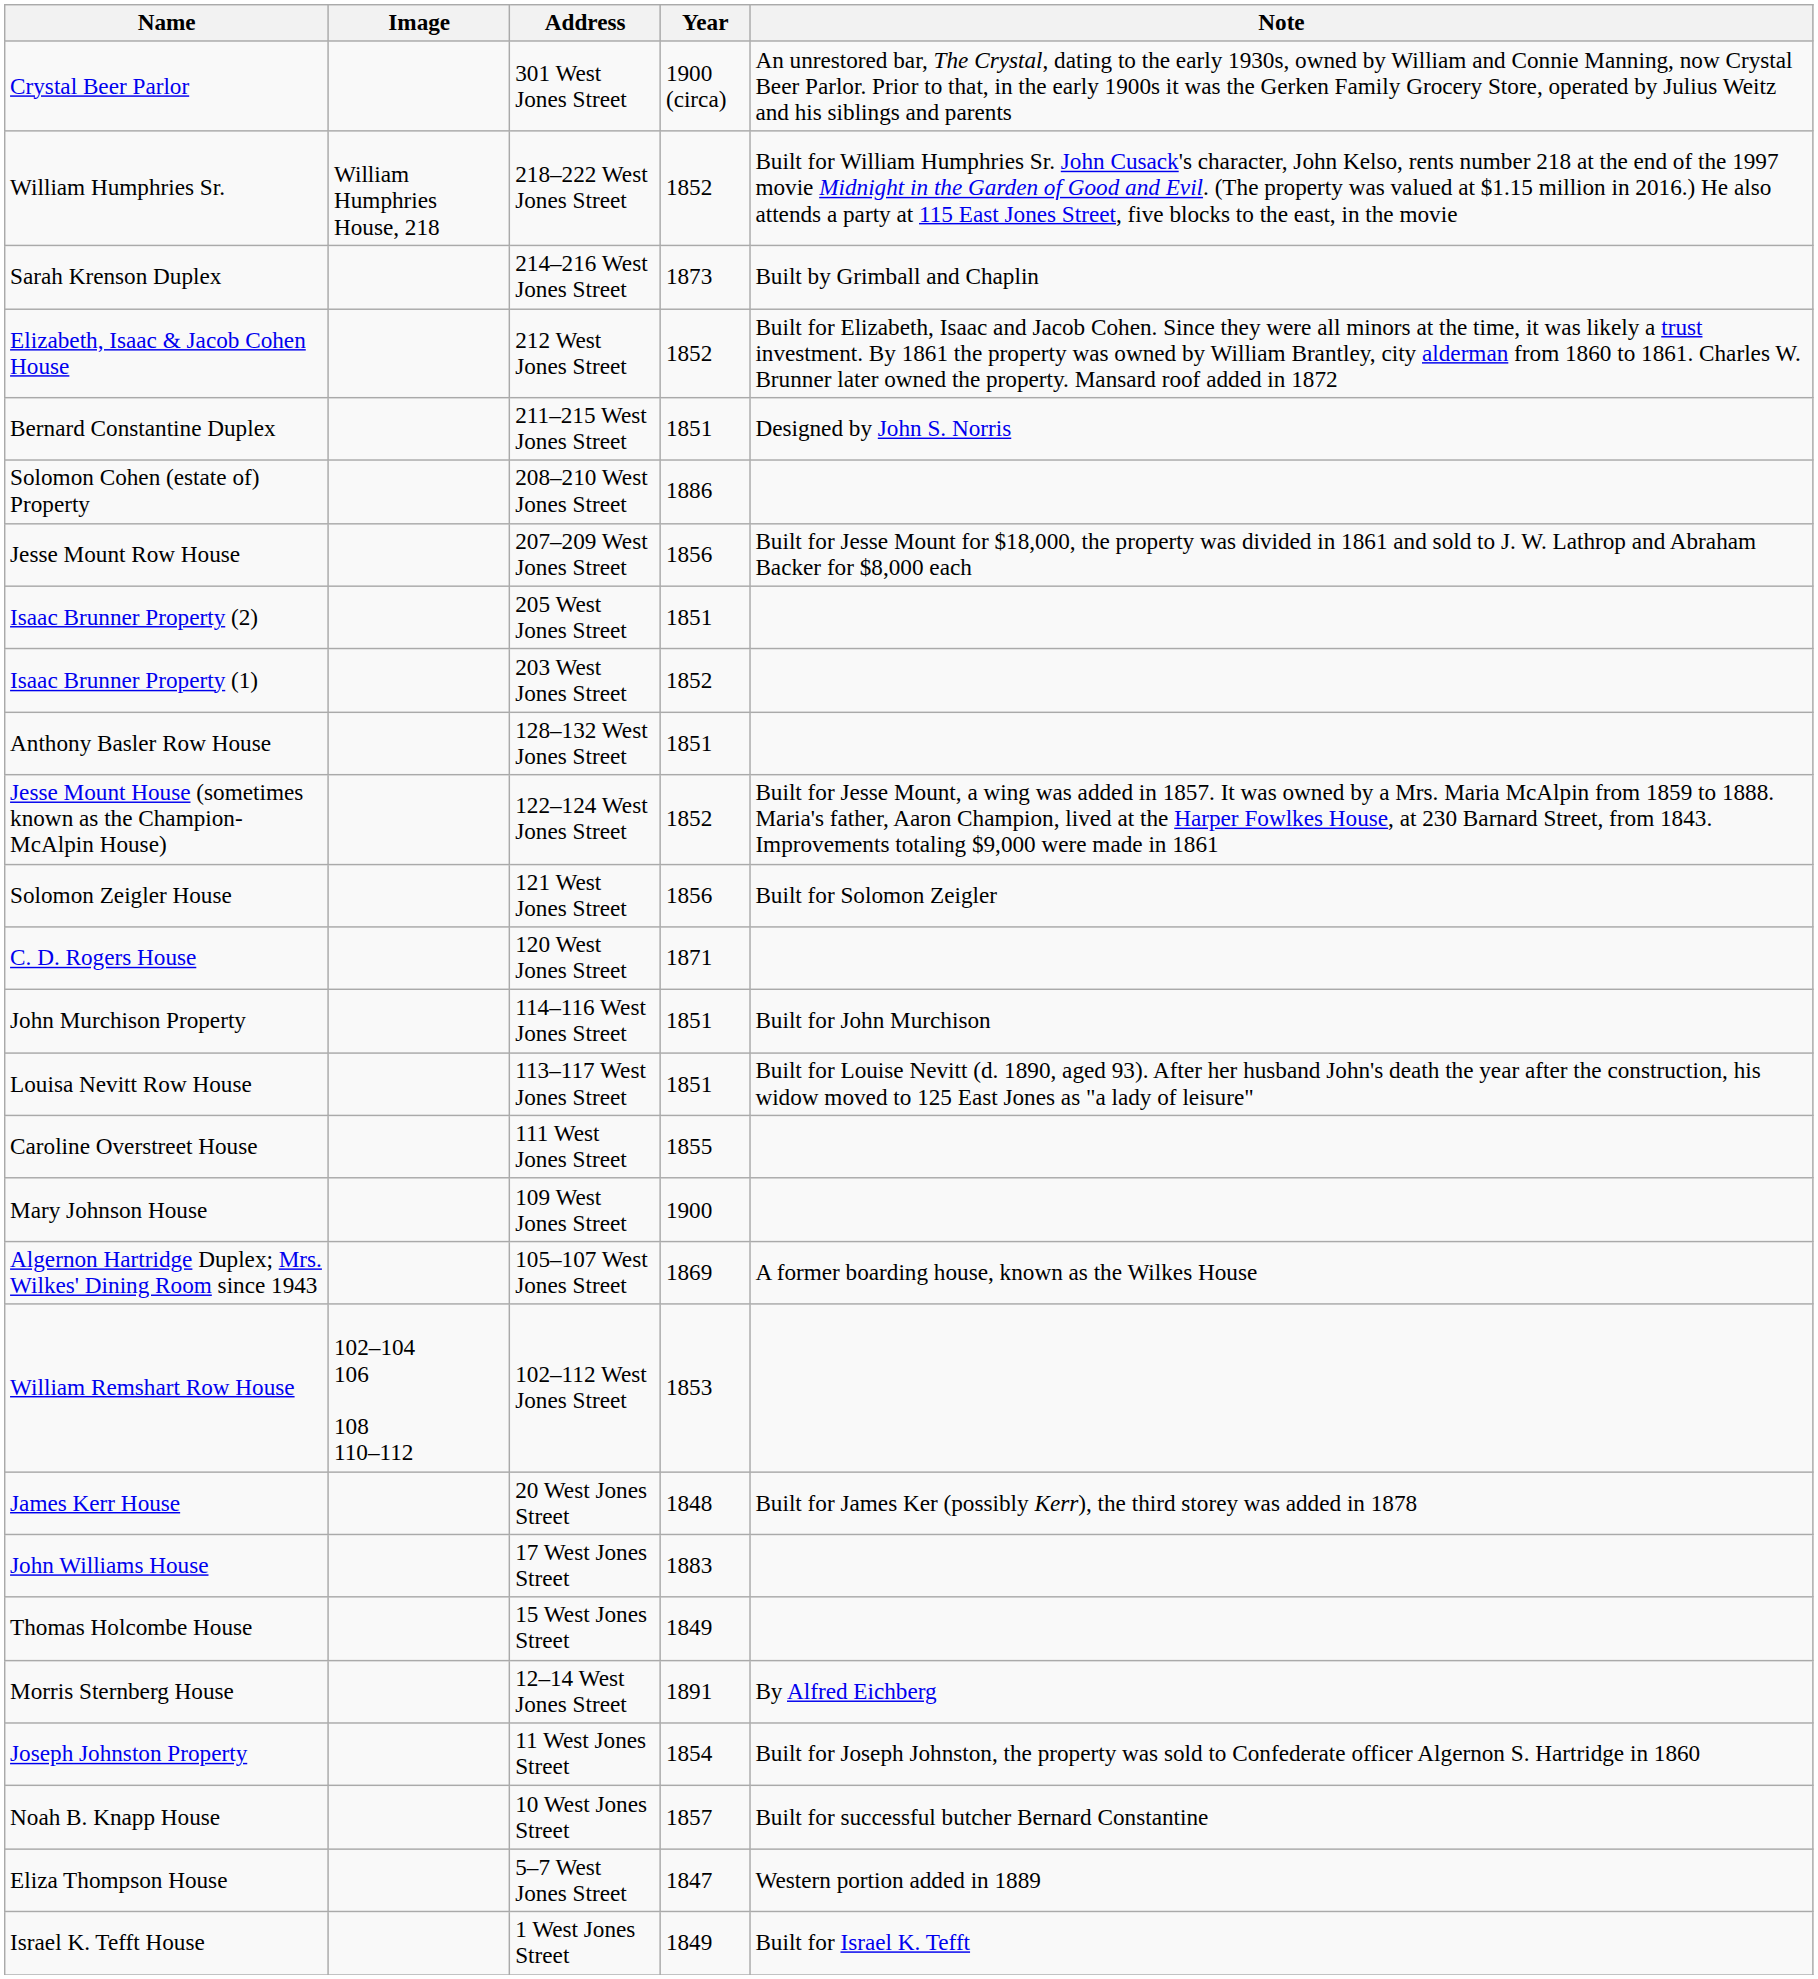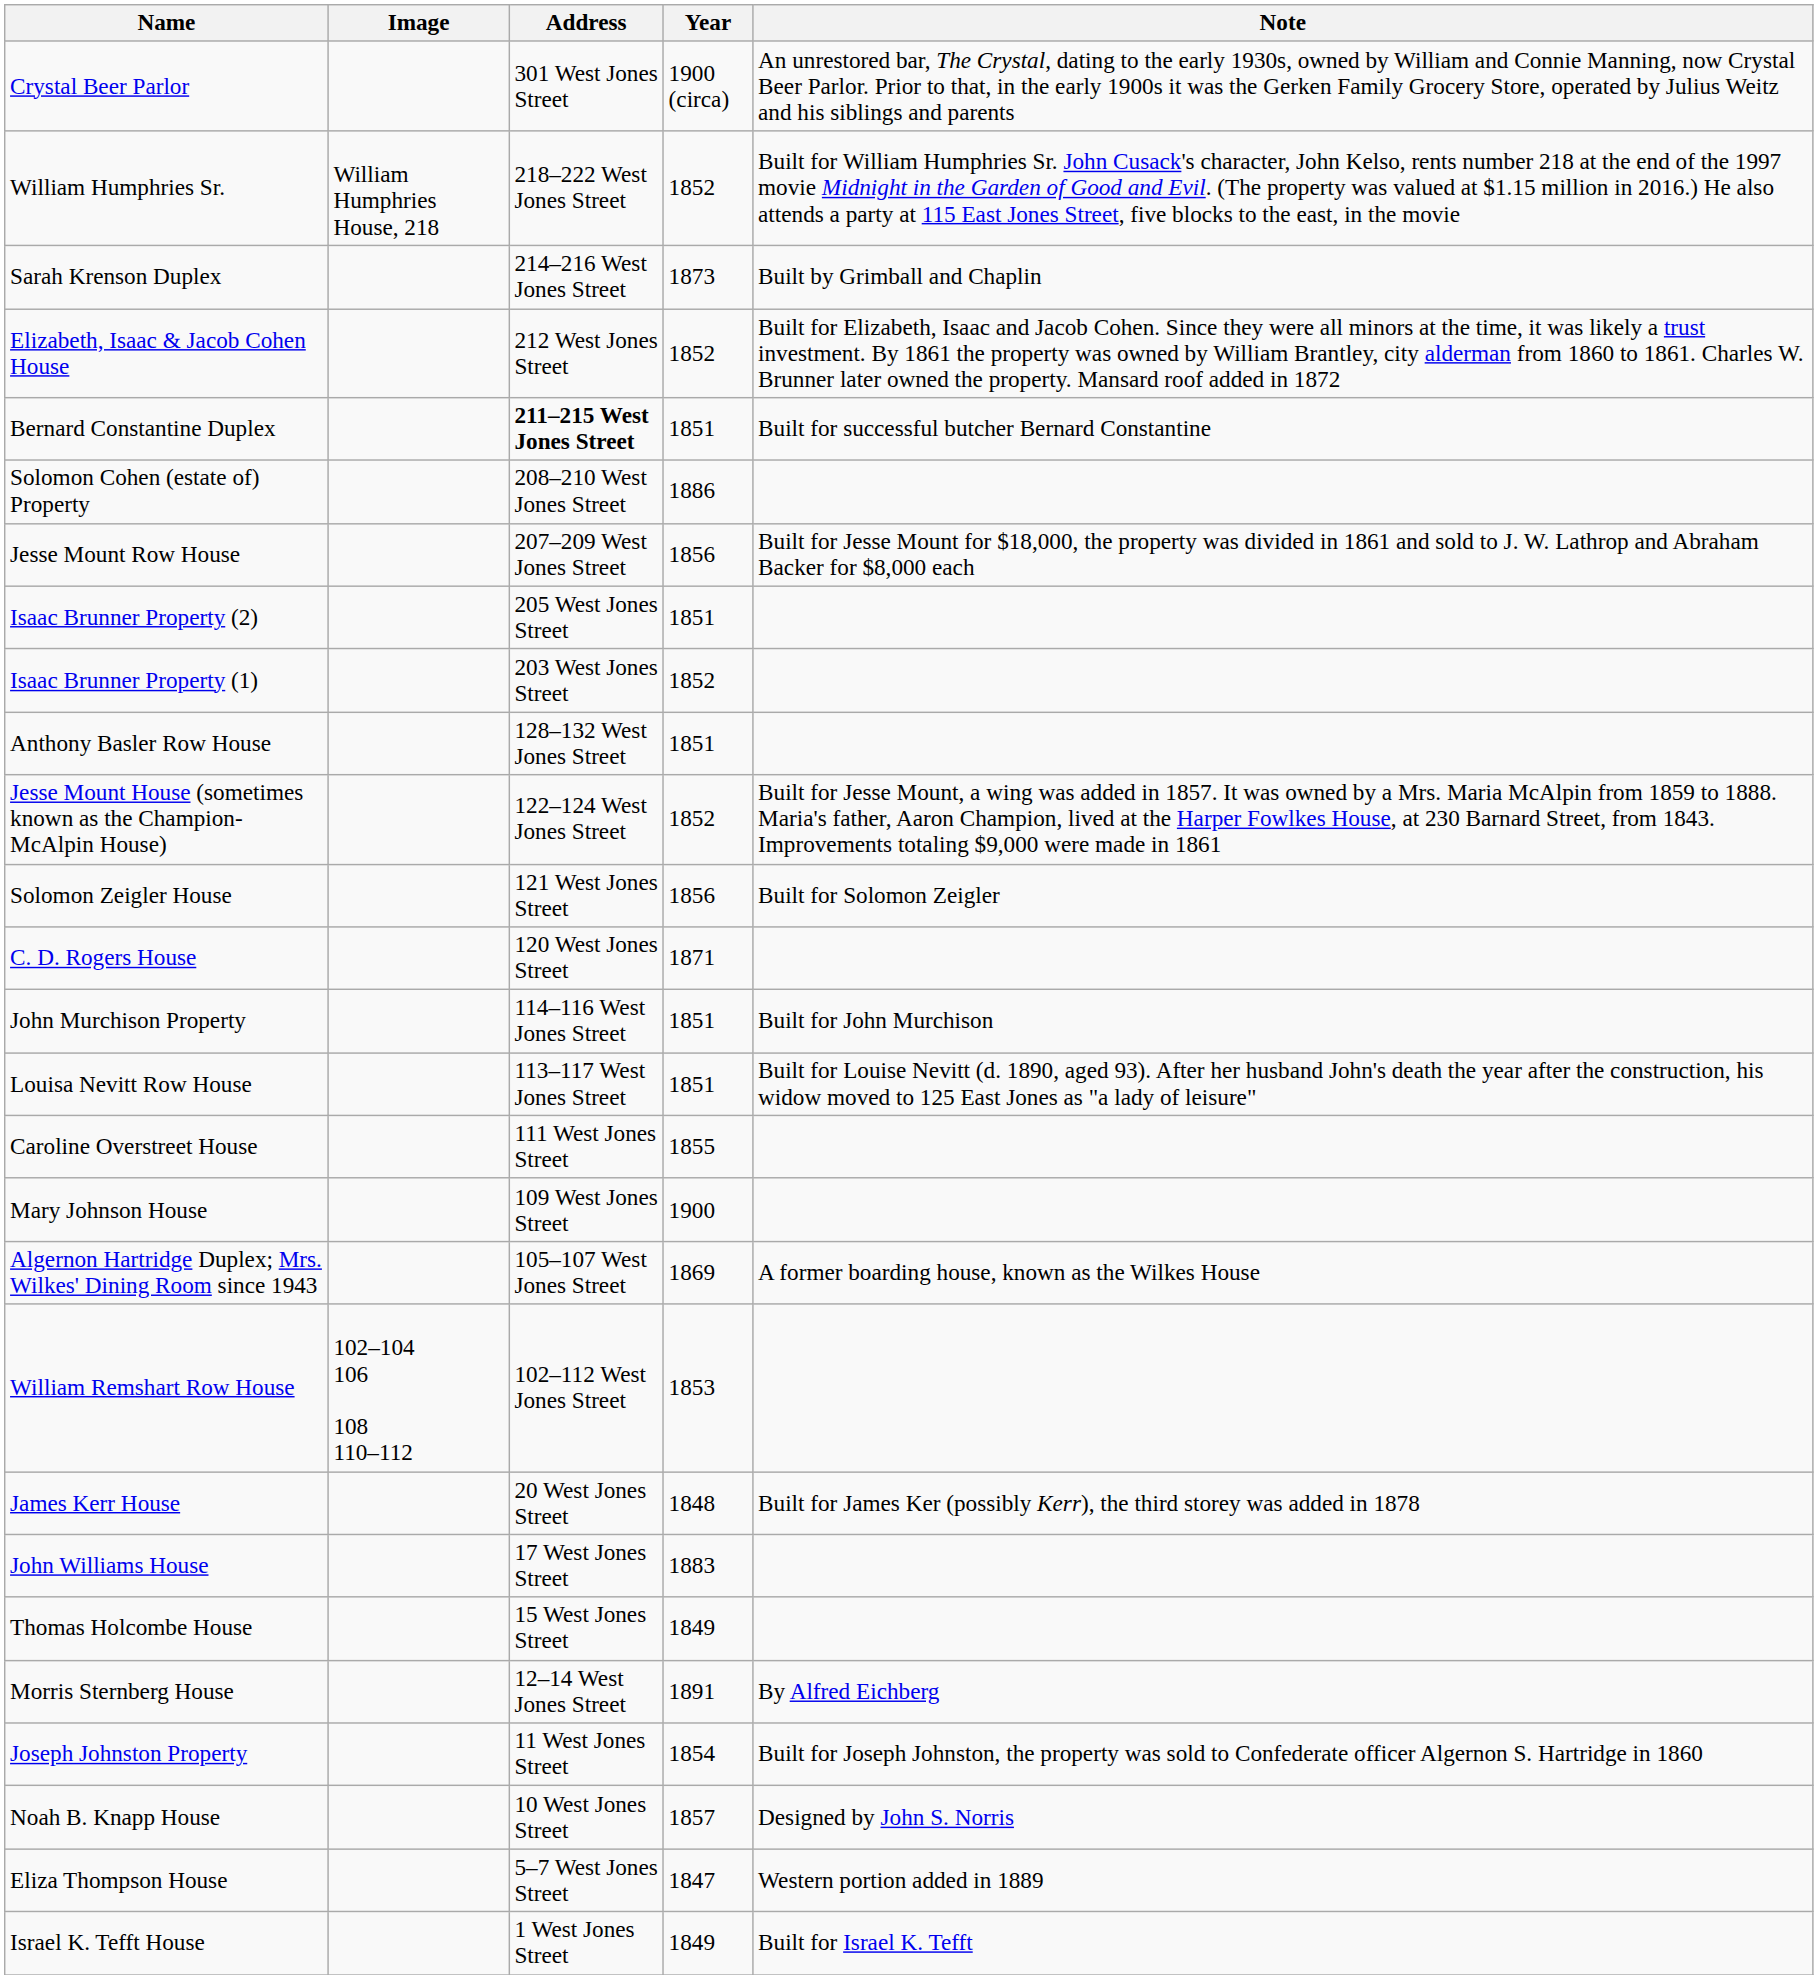 <table class="wikitable sortable">
 <tr>
 <th>Name</th>
 <th>Image</th>
 <th>Address</th>
 <th>Year</th>
 <th>Note</th>
 </tr>
 <tr>
 <td><a href='#'>Crystal Beer Parlor</a></td>
 <td></td>
 <td>301 West Jones Street</td>
 <td>1900 (circa)</td>
 <td>An unrestored bar, <em>The Crystal</em>, dating to the early 1930s, owned by William and Connie Manning, now Crystal Beer Parlor. Prior to that, in the early 1900s it was the Gerken Family Grocery Store, operated by Julius Weitz and his siblings and parents</td>
 </tr>
 <tr>
 <td>William Humphries Sr.</td>
 <td><br>William Humphries House, 218</td>
 <td>218–222 West Jones Street</td>
 <td>1852</td>
 <td>Built for William Humphries Sr. <a href='#'>John Cusack</a>'s character, John Kelso, rents number 218 at the end of the 1997 movie <em><a href='#'>Midnight in the Garden of Good and Evil</a></em>. (The property was valued at $1.15 million in 2016.) He also attends a party at <a href='#'>115 East Jones Street</a>, five blocks to the east, in the movie</td>
 </tr>
 <tr>
 <td>Sarah Krenson Duplex</td>
 <td></td>
 <td>214–216 West Jones Street</td>
 <td>1873</td>
 <td>Built by Grimball and Chaplin</td>
 </tr>
 <tr>
 <td><a href='#'>Elizabeth, Isaac & Jacob Cohen House</a></td>
 <td></td>
 <td>212 West Jones Street</td>
 <td>1852</td>
 <td>Built for Elizabeth, Isaac and Jacob Cohen. Since they were all minors at the time, it was likely a <a href='#'>trust</a> investment. By 1861 the property was owned by William Brantley, city <a href='#'>alderman</a> from 1860 to 1861. Charles W. Brunner later owned the property. Mansard roof added in 1872</td>
 </tr>
 <tr>
 <td>Bernard Constantine Duplex</td>
 <td></td>
-<td>211–215 West Jones Street</td>
+<td><strong>211–215 West Jones Street</strong></td>
 <td>1851</td>
-<td>Designed by <a href='#'>John S. Norris</a></td>
+<td>Built for successful butcher Bernard Constantine</td>
 </tr>
 <tr>
 <td>Solomon Cohen (estate of) Property</td>
 <td></td>
 <td>208–210 West Jones Street</td>
 <td>1886</td>
 <td></td>
 </tr>
 <tr>
 <td>Jesse Mount Row House</td>
 <td></td>
 <td>207–209 West Jones Street</td>
 <td>1856</td>
 <td>Built for Jesse Mount for $18,000, the property was divided in 1861 and sold to J. W. Lathrop and Abraham Backer for $8,000 each</td>
 </tr>
 <tr>
 <td><a href='#'>Isaac Brunner Property</a> (2)</td>
 <td></td>
 <td>205 West Jones Street</td>
 <td>1851</td>
 <td></td>
 </tr>
 <tr>
 <td><a href='#'>Isaac Brunner Property</a> (1)</td>
 <td></td>
 <td>203 West Jones Street</td>
 <td>1852</td>
 <td></td>
 </tr>
 <tr>
 <td>Anthony Basler Row House</td>
 <td></td>
 <td>128–132 West Jones Street</td>
 <td>1851</td>
 <td></td>
 </tr>
 <tr>
 <td><a href='#'>Jesse Mount House</a> (sometimes known as the Champion-McAlpin House)</td>
 <td></td>
 <td>122–124 West Jones Street</td>
 <td>1852</td>
 <td>Built for Jesse Mount, a wing was added in 1857. It was owned by a Mrs. Maria McAlpin from 1859 to 1888. Maria's father, Aaron Champion, lived at the <a href='#'>Harper Fowlkes House</a>, at 230 Barnard Street, from 1843. Improvements totaling $9,000 were made in 1861</td>
 </tr>
 <tr>
 <td>Solomon Zeigler House</td>
 <td></td>
 <td>121 West Jones Street</td>
 <td>1856</td>
 <td>Built for Solomon Zeigler</td>
 </tr>
 <tr>
 <td><a href='#'>C. D. Rogers House</a></td>
 <td></td>
 <td>120 West Jones Street</td>
 <td>1871</td>
 <td></td>
 </tr>
 <tr>
 <td>John Murchison Property</td>
 <td></td>
 <td>114–116 West Jones Street</td>
 <td>1851</td>
 <td>Built for John Murchison</td>
 </tr>
 <tr>
 <td>Louisa Nevitt Row House</td>
 <td></td>
 <td>113–117 West Jones Street</td>
 <td>1851</td>
 <td>Built for Louise Nevitt (d. 1890, aged 93). After her husband John's death the year after the construction, his widow moved to 125 East Jones as "a lady of leisure"</td>
 </tr>
 <tr>
 <td>Caroline Overstreet House</td>
 <td></td>
 <td>111 West Jones Street</td>
 <td>1855</td>
 <td></td>
 </tr>
 <tr>
 <td>Mary Johnson House</td>
 <td></td>
 <td>109 West Jones Street</td>
 <td>1900</td>
 <td></td>
 </tr>
 <tr>
 <td><a href='#'>Algernon Hartridge</a> Duplex; <a href='#'>Mrs. Wilkes' Dining Room</a> since 1943</td>
 <td></td>
 <td>105–107 West Jones Street</td>
 <td>1869</td>
 <td>A former boarding house, known as the Wilkes House</td>
 </tr>
 <tr>
 <td><a href='#'>William Remshart Row House</a></td>
 <td><br>102–104<br>106<br><br>108 <br>110–112</td>
 <td>102–112 West Jones Street</td>
 <td>1853</td>
 <td></td>
 </tr>
 <tr>
 <td><a href='#'>James Kerr House</a></td>
 <td></td>
 <td>20 West Jones Street</td>
 <td>1848</td>
 <td>Built for James Ker (possibly <em>Kerr</em>), the third storey was added in 1878</td>
 </tr>
 <tr>
 <td><a href='#'>John Williams House</a></td>
 <td></td>
 <td>17 West Jones Street</td>
 <td>1883</td>
 <td></td>
 </tr>
 <tr>
 <td>Thomas Holcombe House</td>
 <td></td>
 <td>15 West Jones Street</td>
 <td>1849</td>
 <td></td>
 </tr>
 <tr>
 <td>Morris Sternberg House</td>
 <td></td>
 <td>12–14 West Jones Street</td>
 <td>1891</td>
 <td>By <a href='#'>Alfred Eichberg</a></td>
 </tr>
 <tr>
 <td><a href='#'>Joseph Johnston Property</a></td>
 <td></td>
 <td>11 West Jones Street</td>
 <td>1854</td>
 <td>Built for Joseph Johnston, the property was sold to Confederate officer Algernon S. Hartridge in 1860</td>
 </tr>
 <tr>
 <td>Noah B. Knapp House</td>
 <td></td>
 <td>10 West Jones Street</td>
 <td>1857</td>
-<td>Built for successful butcher Bernard Constantine</td>
+<td>Designed by <a href='#'>John S. Norris</a></td>
 </tr>
 <tr>
 <td>Eliza Thompson House</td>
 <td></td>
 <td>5–7 West Jones Street</td>
 <td>1847</td>
 <td>Western portion added in 1889</td>
 </tr>
 <tr>
 <td>Israel K. Tefft House</td>
 <td></td>
 <td>1 West Jones Street</td>
 <td>1849</td>
 <td>Built for <a href='#'>Israel K. Tefft</a></td>
 </tr>
 <tr>
 </tr>
 </table>
